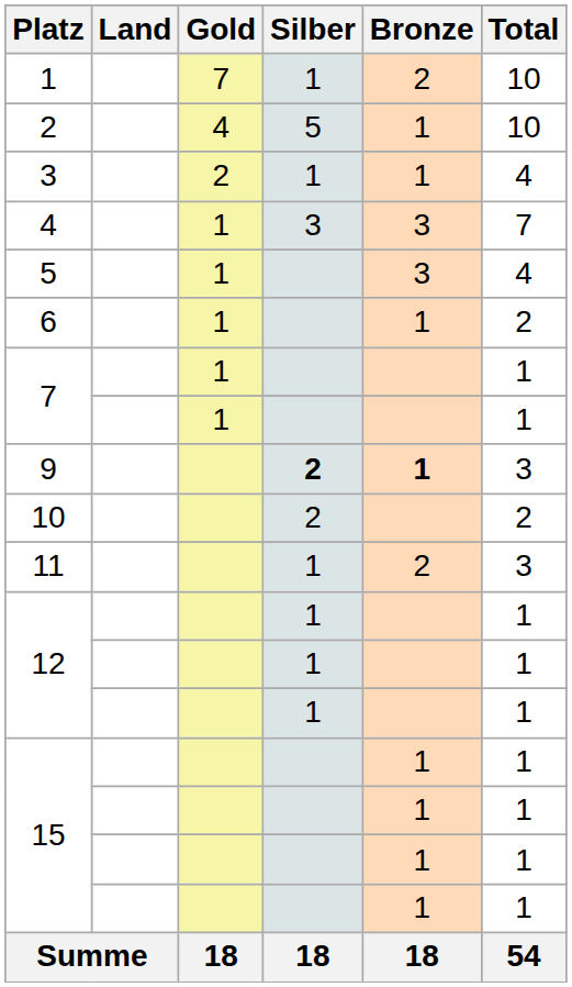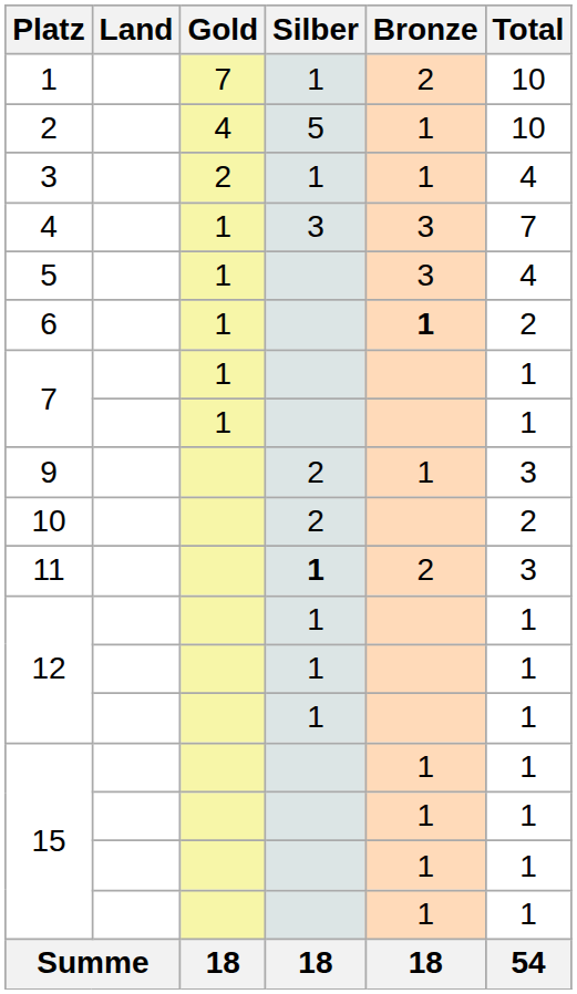 <table class="wikitable" style="border:1px solid #AAAAAA">
 <tr>
 <th align="left">Platz</th>
 <th align="left">Land</th>
 <th align="center">Gold</th>
 <th align="center">Silber</th>
 <th align="center">Bronze</th>
 <th align="center">Total</th>
 </tr>
 <tr align="center" valign="center" bgcolor="#FFFFFF">
 <td>1</td>
 <td align="left"></td>
 <td style="background:#F7F6A8;">7</td>
 <td style="background:#DCE5E5;">1</td>
 <td style="background:#FFDAB9;">2</td>
 <td>10</td>
 </tr>
 <tr align="center" valign="center" bgcolor="#FFFFFF">
 <td>2</td>
 <td align="left"></td>
 <td style="background:#F7F6A8;">4</td>
 <td style="background:#DCE5E5;">5</td>
 <td style="background:#FFDAB9;">1</td>
 <td>10</td>
 </tr>
 <tr align="center" valign="center" bgcolor="#FFFFFF">
 <td>3</td>
 <td align="left"></td>
 <td style="background:#F7F6A8;">2</td>
 <td style="background:#DCE5E5;">1</td>
 <td style="background:#FFDAB9;">1</td>
 <td>4</td>
 </tr>
 <tr align="center" valign="center" bgcolor="#FFFFFF">
 <td>4</td>
 <td align="left"></td>
 <td style="background:#F7F6A8;">1</td>
 <td style="background:#DCE5E5;">3</td>
 <td style="background:#FFDAB9;">3</td>
 <td>7</td>
 </tr>
 <tr align="center" valign="center" bgcolor="#FFFFFF">
 <td>5</td>
 <td align="left"></td>
 <td style="background:#F7F6A8;">1</td>
 <td style="background:#DCE5E5;"></td>
 <td style="background:#FFDAB9;">3</td>
 <td>4</td>
 </tr>
 <tr align="center" valign="center" bgcolor="#FFFFFF">
 <td>6</td>
 <td align="left"></td>
 <td style="background:#F7F6A8;">1</td>
 <td style="background:#DCE5E5;"></td>
-<td style="background:#FFDAB9;">1</td>
+<td style="background:#FFDAB9;"><strong>1</strong></td>
 <td>2</td>
 </tr>
 <tr align="center" valign="center" bgcolor="#FFFFFF">
 <td rowspan="2">7</td>
 <td align="left"></td>
 <td style="background:#F7F6A8;">1</td>
 <td style="background:#DCE5E5;"></td>
 <td style="background:#FFDAB9;"></td>
 <td>1</td>
 </tr>
 <tr align="center" valign="center" bgcolor="#FFFFFF">
 <td align="left"></td>
 <td style="background:#F7F6A8;">1</td>
 <td style="background:#DCE5E5;"></td>
 <td style="background:#FFDAB9;"></td>
 <td>1</td>
 </tr>
 <tr align="center" valign="center" bgcolor="#FFFFFF">
 <td>9</td>
 <td align="left"></td>
 <td style="background:#F7F6A8;"></td>
-<td style="background:#DCE5E5;"><strong>2</strong></td>
-<td style="background:#FFDAB9;"><strong>1</strong></td>
+<td style="background:#DCE5E5;">2</td>
+<td style="background:#FFDAB9;">1</td>
 <td>3</td>
 </tr>
 <tr align="center" valign="center" bgcolor="#FFFFFF">
 <td>10</td>
 <td align="left"></td>
 <td style="background:#F7F6A8;"></td>
 <td style="background:#DCE5E5;">2</td>
 <td style="background:#FFDAB9;"></td>
 <td>2</td>
 </tr>
 <tr align="center" valign="center" bgcolor="#FFFFFF">
 <td>11</td>
 <td align="left"></td>
 <td style="background:#F7F6A8;"></td>
-<td style="background:#DCE5E5;">1</td>
+<td style="background:#DCE5E5;"><strong>1</strong></td>
 <td style="background:#FFDAB9;">2</td>
 <td>3</td>
 </tr>
 <tr align="center" valign="center" bgcolor="#FFFFFF">
 <td rowspan="3">12</td>
 <td align="left"></td>
 <td style="background:#F7F6A8;"></td>
 <td style="background:#DCE5E5;">1</td>
 <td style="background:#FFDAB9;"></td>
 <td>1</td>
 </tr>
 <tr align="center" valign="center" bgcolor="#FFFFFF">
 <td align="left"></td>
 <td style="background:#F7F6A8;"></td>
 <td style="background:#DCE5E5;">1</td>
 <td style="background:#FFDAB9;"></td>
 <td>1</td>
 </tr>
 <tr align="center" valign="center" bgcolor="#FFFFFF">
 <td align="left"></td>
 <td style="background:#F7F6A8;"></td>
 <td style="background:#DCE5E5;">1</td>
 <td style="background:#FFDAB9;"></td>
 <td>1</td>
 </tr>
 <tr align="center" valign="center" bgcolor="#FFFFFF">
 <td rowspan="4">15</td>
 <td align="left"></td>
 <td style="background:#F7F6A8;"></td>
 <td style="background:#DCE5E5;"></td>
 <td style="background:#FFDAB9;">1</td>
 <td>1</td>
 </tr>
 <tr align="center" valign="center" bgcolor="#FFFFFF">
 <td align="left"></td>
 <td style="background:#F7F6A8;"></td>
 <td style="background:#DCE5E5;"></td>
 <td style="background:#FFDAB9;">1</td>
 <td>1</td>
 </tr>
 <tr align="center" valign="center" bgcolor="#FFFFFF">
 <td align="left"></td>
 <td style="background:#F7F6A8;"></td>
 <td style="background:#DCE5E5;"></td>
 <td style="background:#FFDAB9;">1</td>
 <td>1</td>
 </tr>
 <tr align="center" valign="center" bgcolor="#FFFFFF">
 <td align="left"></td>
 <td style="background:#F7F6A8;"></td>
 <td style="background:#DCE5E5;"></td>
 <td style="background:#FFDAB9;">1</td>
 <td>1</td>
 </tr>
 <tr bgcolor="#EFEFEF">
 <th colspan=2>Summe</th>
 <th>18</th>
 <th>18</th>
 <th>18</th>
 <th>54</th>
 </tr>
 </table>
